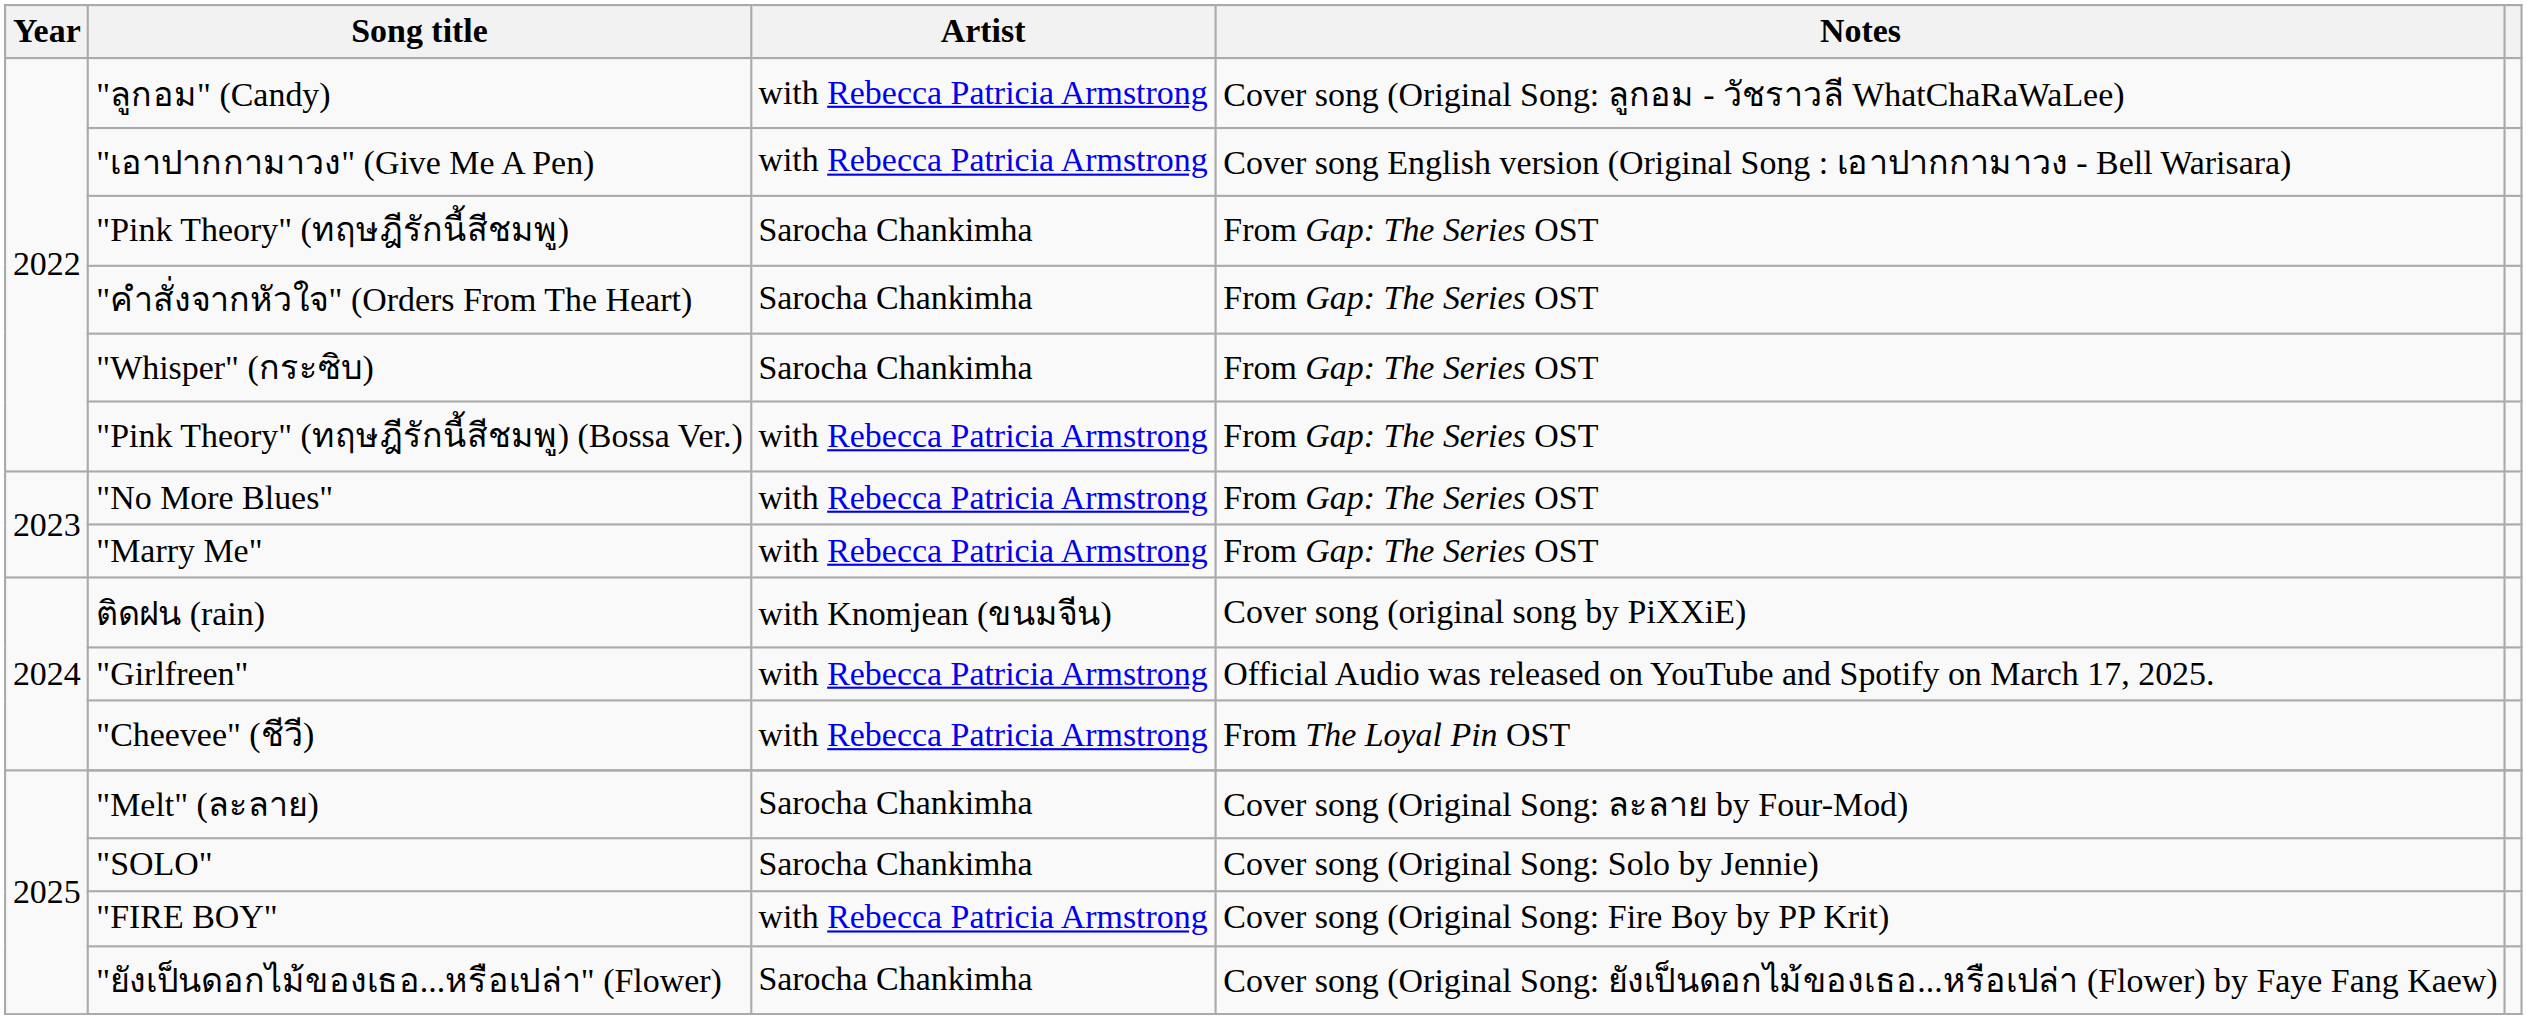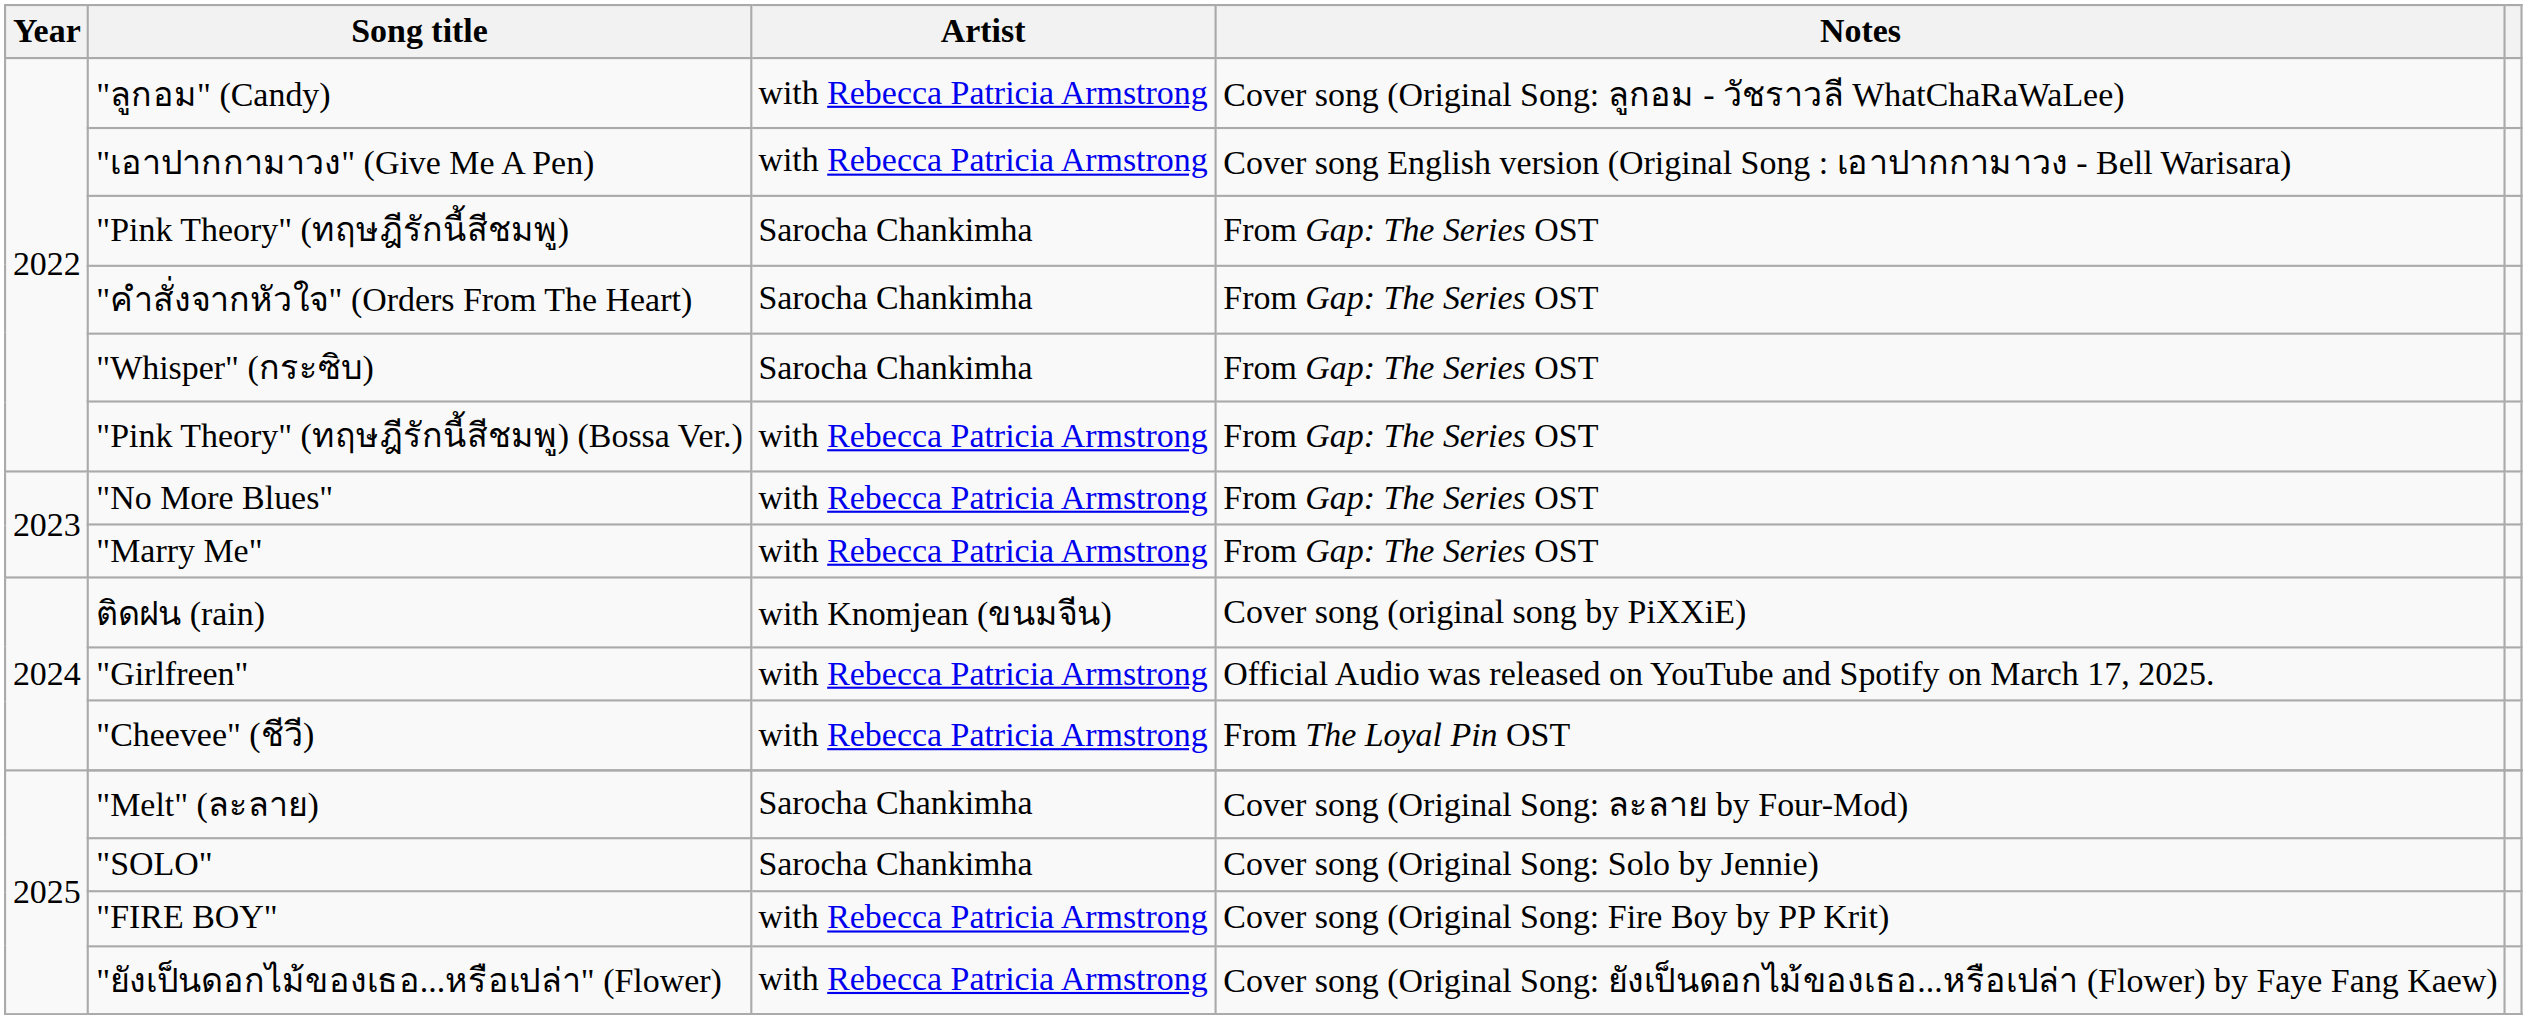 <table class="wikitable plainrowheaders sortable">
 <tr>
 <th scope="col">Year</th>
 <th scope="col">Song title</th>
 <th scope="col">Artist</th>
 <th scope="col">Notes</th>
 <th class="unsortable"></th>
 </tr>
 <tr>
 <td rowspan="6" style="text-align: center;">2022</td>
 <td>"ลูกอม" (Candy)</td>
 <td>with <a href='#'>Rebecca Patricia Armstrong</a></td>
 <td>Cover song (Original Song: ลูกอม - วัชราวลี WhatChaRaWaLee)</td>
 <td></td>
 </tr>
 <tr>
 <td>"เอาปากกามาวง" (Give Me A Pen)</td>
 <td>with <a href='#'>Rebecca Patricia Armstrong</a></td>
 <td>Cover song English version (Original Song : เอาปากกามาวง - Bell Warisara)</td>
 <td></td>
 </tr>
 <tr>
 <td>"Pink Theory" (ทฤษฎีรักนี้สีชมพู)</td>
 <td>Sarocha Chankimha</td>
 <td>From <em>Gap: The Series</em> OST</td>
 <td></td>
 </tr>
 <tr>
 <td>"คำสั่งจากหัวใจ" (Orders From The Heart)</td>
 <td>Sarocha Chankimha</td>
 <td>From <em>Gap: The Series</em> OST</td>
 <td></td>
 </tr>
 <tr>
 <td>"Whisper" (กระซิบ)</td>
 <td>Sarocha Chankimha</td>
 <td>From <em>Gap: The Series</em> OST</td>
 <td></td>
 </tr>
 <tr>
 <td>"Pink Theory" (ทฤษฎีรักนี้สีชมพู) (Bossa Ver.)</td>
 <td>with <a href='#'>Rebecca Patricia Armstrong</a></td>
 <td>From <em>Gap: The Series</em> OST</td>
 <td></td>
 </tr>
 <tr>
 <td rowspan="2" style="text-align: center;">2023</td>
 <td>"No More Blues"</td>
 <td>with <a href='#'>Rebecca Patricia Armstrong</a></td>
 <td>From <em>Gap: The Series</em> OST</td>
 <td></td>
 </tr>
 <tr>
 <td>"Marry Me"</td>
 <td>with <a href='#'>Rebecca Patricia Armstrong</a></td>
 <td>From <em>Gap: The Series</em> OST</td>
 <td></td>
 </tr>
 <tr>
 <td rowspan="3" style="text-align: center;">2024</td>
 <td>ติดฝน (rain)</td>
 <td>with Knomjean (ขนมจีน)</td>
 <td>Cover song (original song by PiXXiE)</td>
 <td></td>
 </tr>
 <tr>
 <td>"Girlfreen"</td>
 <td>with <a href='#'>Rebecca Patricia Armstrong</a></td>
 <td>Official Audio was released on YouTube and Spotify on March 17, 2025.</td>
 <td><br> </td>
 </tr>
 <tr>
 <td>"Cheevee" (ชีวี)</td>
 <td>with <a href='#'>Rebecca Patricia Armstrong</a></td>
 <td>From <em>The Loyal Pin</em> OST</td>
 <td></td>
 </tr>
 <tr>
 <td rowspan="10" style="text-align: center;">2025</td>
 </tr>
 <tr>
 <td>"Melt" (ละลาย)</td>
 <td>Sarocha Chankimha</td>
 <td>Cover song (Original Song: ละลาย by Four-Mod)</td>
 <td></td>
 </tr>
 <tr>
 <td>"SOLO"</td>
 <td>Sarocha Chankimha</td>
 <td>Cover song (Original Song: Solo by Jennie)</td>
 <td></td>
 </tr>
 <tr>
 <td>"FIRE BOY"</td>
 <td>with <a href='#'>Rebecca Patricia Armstrong</a></td>
 <td>Cover song (Original Song: Fire Boy by PP Krit)</td>
 <td></td>
 </tr>
 <tr>
 <td>"ยังเป็นดอกไม้ของเธอ...หรือเปล่า" (Flower)</td>
-<td>Sarocha Chankimha</td>
+<td>with <a href='#'>Rebecca Patricia Armstrong</a></td>
 <td>Cover song (Original Song: ยังเป็นดอกไม้ของเธอ...หรือเปล่า (Flower) by Faye Fang Kaew)</td>
 <td></td>
 </tr>
 <tr>
 </tr>
 </table>
